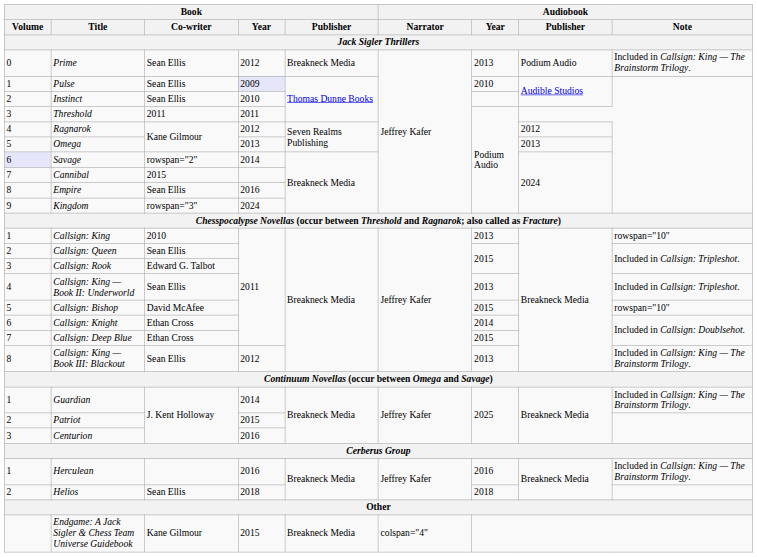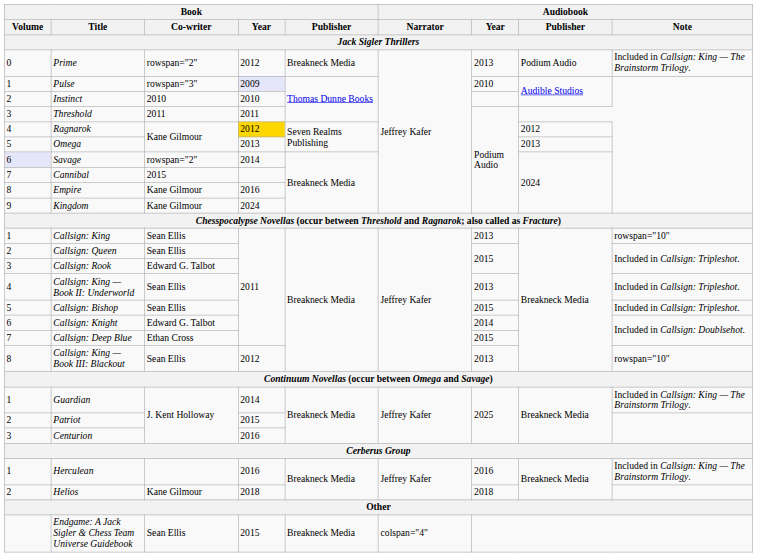 <table class="wikitable">
 <tr>
 <th colspan="5">Book</th>
 <th colspan="4">Audiobook</th>
 </tr>
 <tr>
 <th scope="col" width="5%">Volume</th>
 <th scope="col" width="10%">Title</th>
 <th scope="col" width="10%">Co-writer</th>
 <th scope="col" width="5%">Year</th>
 <th scope="col" width="10%">Publisher</th>
 <th scope="col" width="10%">Narrator</th>
 <th scope="col" width="5%">Year</th>
 <th scope="col" width="10%">Publisher</th>
 <th scope="col" width="15%">Note</th>
 </tr>
 <tr>
 <th colspan="9"><em>Jack Sigler Thrillers</em></th>
 </tr>
 <tr>
 <td>0</td>
 <td><em>Prime</em></td>
-<td>Sean Ellis</td>
+<td>rowspan="2" </td>
 <td>2012</td>
 <td>Breakneck Media</td>
 <td rowspan="10">Jeffrey Kafer</td>
 <td>2013</td>
 <td>Podium Audio</td>
 <td>Included in <em>Callsign: King — The Brainstorm Trilogy</em>.</td>
 </tr>
 <tr>
 <td>1</td>
 <td><em>Pulse</em></td>
-<td>Sean Ellis</td>
+<td>rowspan="3" </td>
 <td style="background: lavender;">2009</td>
 <td rowspan="3"><a href='#'>Thomas Dunne Books</a></td>
 <td>2010</td>
 <td rowspan="2"><a href='#'>Audible Studios</a></td>
 </tr>
 <tr>
 <td>2</td>
 <td><em>Instinct</em></td>
-<td>Sean Ellis</td>
+<td>2010</td>
 <td>2010</td>
 </tr>
 <tr>
 <td>3</td>
 <td><em>Threshold</em></td>
 <td>2011</td>
 <td>2011</td>
 <td rowspan="7">Podium Audio</td>
 </tr>
 <tr>
 <td>4</td>
 <td><em>Ragnarok</em></td>
 <td rowspan="2">Kane Gilmour</td>
-<td>2012</td>
+<td style="background: gold;">2012</td>
 <td rowspan="2">Seven Realms Publishing</td>
 <td>2012</td>
 </tr>
 <tr>
 <td>5</td>
 <td><em>Omega</em></td>
 <td>2013</td>
 <td>2013</td>
 </tr>
 <tr>
 <td style="background: lavender;">6</td>
 <td><em>Savage</em></td>
 <td>rowspan="2" </td>
 <td>2014</td>
 <td rowspan="4">Breakneck Media</td>
 <td rowspan="4">2024</td>
 </tr>
 <tr>
 <td>7</td>
 <td><em>Cannibal</em></td>
 <td>2015</td>
 </tr>
 <tr>
 <td>8</td>
 <td><em>Empire</em></td>
-<td>Sean Ellis</td>
+<td>Kane Gilmour</td>
 <td>2016</td>
 </tr>
 <tr>
 <td>9</td>
 <td><em>Kingdom</em></td>
-<td>rowspan="3" </td>
+<td>Kane Gilmour</td>
 <td>2024</td>
 </tr>
 <tr>
 <th colspan="9"><em>Chesspocalypse Novellas</em> (occur between <em>Threshold</em> and <em>Ragnarok</em>; also called as <em>Fracture</em>)</th>
 </tr>
 <tr>
 <td>1</td>
 <td><em>Callsign: King</em></td>
-<td>2010</td>
+<td>Sean Ellis</td>
 <td rowspan="7">2011</td>
 <td rowspan="8">Breakneck Media</td>
 <td rowspan="8">Jeffrey Kafer</td>
 <td>2013</td>
 <td rowspan="8">Breakneck Media</td>
 <td>rowspan="10" </td>
 </tr>
 <tr>
 <td>2</td>
 <td><em>Callsign: Queen</em></td>
 <td>Sean Ellis</td>
 <td rowspan="2">2015</td>
 <td rowspan="2">Included in <em>Callsign: Tripleshot</em>.</td>
 </tr>
 <tr>
 <td>3</td>
 <td><em>Callsign: Rook</em></td>
 <td>Edward G. Talbot</td>
 </tr>
 <tr>
 <td>4</td>
 <td><em>Callsign: King — Book II: Underworld</em></td>
 <td>Sean Ellis</td>
 <td>2013</td>
 <td>Included in <em>Callsign: Tripleshot</em>.</td>
 </tr>
 <tr>
 <td>5</td>
 <td><em>Callsign: Bishop</em></td>
-<td>David McAfee</td>
+<td>Sean Ellis</td>
 <td>2015</td>
-<td>rowspan="10" </td>
+<td>Included in <em>Callsign: Tripleshot</em>.</td>
 </tr>
 <tr>
 <td>6</td>
 <td><em>Callsign: Knight</em></td>
-<td>Ethan Cross</td>
+<td>Edward G. Talbot</td>
 <td>2014</td>
 <td rowspan="2">Included in <em>Callsign: Doublsehot</em>.</td>
 </tr>
 <tr>
 <td>7</td>
 <td><em>Callsign: Deep Blue</em></td>
 <td>Ethan Cross</td>
 <td>2015</td>
 </tr>
 <tr>
 <td>8</td>
 <td><em>Callsign: King — Book III: Blackout</em></td>
 <td>Sean Ellis</td>
 <td>2012</td>
 <td>2013</td>
-<td>Included in <em>Callsign: King — The Brainstorm Trilogy</em>.</td>
+<td>rowspan="10" </td>
 </tr>
 <tr>
 <th colspan="9"><em>Continuum Novellas</em> (occur between <em>Omega</em> and <em>Savage</em>)</th>
 </tr>
 <tr>
 <td>1</td>
 <td><em>Guardian</em></td>
 <td rowspan="3">J. Kent Holloway</td>
 <td>2014</td>
 <td rowspan="3">Breakneck Media</td>
 <td rowspan="3">Jeffrey Kafer</td>
 <td rowspan="3">2025</td>
 <td rowspan="3">Breakneck Media</td>
 <td>Included in <em>Callsign: King — The Brainstorm Trilogy</em>.</td>
 </tr>
 <tr>
 <td>2</td>
 <td><em>Patriot</em></td>
 <td>2015</td>
 </tr>
 <tr>
 <td>3</td>
 <td><em>Centurion</em></td>
 <td>2016</td>
 </tr>
 <tr>
 <th colspan="9"><em>Cerberus Group</em></th>
 </tr>
 <tr>
 <td>1</td>
 <td><em>Herculean</em></td>
 <td></td>
 <td>2016</td>
 <td rowspan="2">Breakneck Media</td>
 <td rowspan="2">Jeffrey Kafer</td>
 <td>2016</td>
 <td rowspan="2">Breakneck Media</td>
 <td>Included in <em>Callsign: King — The Brainstorm Trilogy</em>.</td>
 </tr>
 <tr>
 <td>2</td>
 <td><em>Helios</em></td>
-<td>Sean Ellis</td>
+<td>Kane Gilmour</td>
 <td>2018</td>
 <td>2018</td>
 </tr>
 <tr>
 <th colspan="9">Other</th>
 </tr>
 <tr>
 <td></td>
 <td><em>Endgame: A Jack Sigler & Chess Team Universe Guidebook</em></td>
-<td>Kane Gilmour</td>
+<td>Sean Ellis</td>
 <td>2015</td>
 <td>Breakneck Media</td>
 <td>colspan="4" </td>
 </tr>
 </table>
